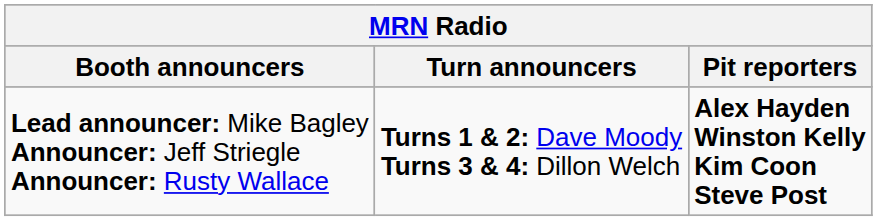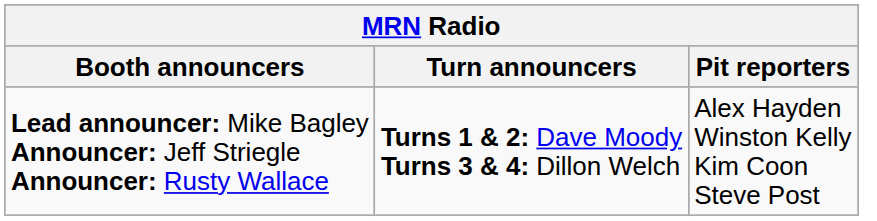 <table class="wikitable" style="font-size: 95%">
 <tr>
 <th colspan="3"><a href='#'>MRN</a> Radio</th>
 </tr>
 <tr>
 <th>Booth announcers</th>
 <th>Turn announcers</th>
 <th>Pit reporters</th>
 </tr>
 <tr>
 <td><strong>Lead announcer:</strong> Mike Bagley<br><strong>Announcer:</strong> Jeff Striegle<br><strong>Announcer:</strong> <a href='#'>Rusty Wallace</a></td>
 <td><strong>Turns 1 & 2:</strong> <a href='#'>Dave Moody</a><br><strong>Turns 3 & 4:</strong> Dillon Welch</td>
-<td><strong>Alex Hayden<br>Winston Kelly<br>Kim Coon<br>Steve Post</strong></td>
+<td>Alex Hayden<br>Winston Kelly<br>Kim Coon<br>Steve Post</td>
 </tr>
 </table>
